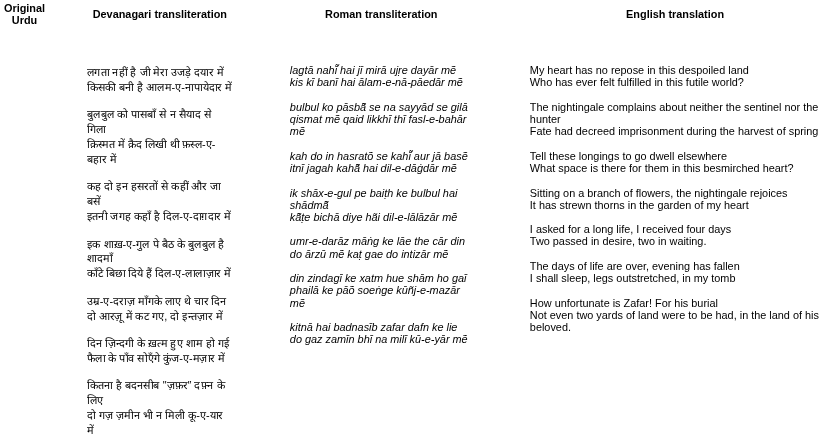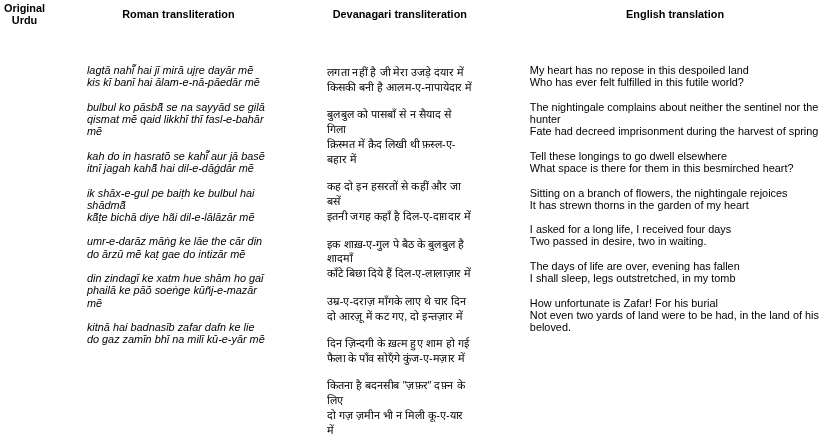 <table>
 <tr>
 <th><strong>Original Urdu</strong></th>
+<th><strong>Roman transliteration</strong></th>
 <th><strong>Devanagari transliteration</strong></th>
-<th><strong>Roman transliteration</strong></th>
 <th><strong>English translation</strong></th>
 </tr>
 <tr style="vertical-align:top">
 <td><br><br><div>  </div></td>
+<td><br><blockquote><span><br><em>lagtā nahī̃ hai jī mirā ujṛe dayār mẽ</em><br> <em>kis kī banī hai ālam-e-nā-pāedār mẽ</em><br> <br> <em>bulbul ko pāsbā̃ se na sayyād se gilā</em><br> <em>qismat mẽ qaid likkhī thī fasl-e-bahār mẽ</em><br> <br> <em>kah do in hasratõ se kahī̃ aur jā basẽ</em><br> <em>itnī jagah kahā̃ hai dil-e-dāġdār mẽ</em><br> <br> <em>ik shāx-e-gul pe baiṭh ke bulbul hai shādmā̃</em><br> <em>kā̃ṭe bichā diye hãi dil-e-lālāzār mẽ</em><br> <br> <em>umr-e-darāz māṅg ke lāe the cār din</em><br> <em>do ārzū mẽ kaṭ gae do intizār mẽ</em><br> <br> <em>din zindagī ke xatm hue shām ho gaī</em><br> <em>phailā ke pāõ soeṅge kūñj-e-mazār mẽ</em><br> <br> <em>kitnā hai badnasīb zafar dafn ke lie</em><br> <em>do gaz zamīn bhī na milī kū-e-yār mẽ</em><br><br></span></blockquote></td>
 <td><br><blockquote><br>लगता नहीं है जी मेरा उजड़े दयार में<br> किसकी बनी है आलम-ए-नापायेदार में<br> <br> बुलबुल को पासबाँ से न सैयाद से गिला<br> क़िस्मत में क़ैद लिखी थी फ़स्ल-ए-बहार में<br> <br> कह दो इन हसरतों से कहीं और जा बसें<br> इतनी जगह कहाँ है दिल-ए-दाग़दार में<br> <br> इक शाख़-ए-गुल पे बैठ के बुलबुल है शादमाँ<br> काँटे बिछा दिये हैं दिल-ए-लालाज़ार में<br> <br> उम्र-ए-दराज़ माँगके लाए थे चार दिन<br> दो आरज़ू में कट गए, दो इन्तज़ार में<br> <br> दिन ज़िन्दगी के ख़त्म हुए शाम हो गई<br> फैला के पाँव सोएँगे कुंज-ए-मज़ार में<br> <br> कितना है बदनसीब "ज़फ़र″ दफ़्न के लिए<br> दो गज़ ज़मीन भी न मिली कू-ए-यार में<br> <br><br></blockquote></td>
-<td><br><blockquote><span><br><em>lagtā nahī̃ hai jī mirā ujṛe dayār mẽ</em><br> <em>kis kī banī hai ālam-e-nā-pāedār mẽ</em><br> <br> <em>bulbul ko pāsbā̃ se na sayyād se gilā</em><br> <em>qismat mẽ qaid likkhī thī fasl-e-bahār mẽ</em><br> <br> <em>kah do in hasratõ se kahī̃ aur jā basẽ</em><br> <em>itnī jagah kahā̃ hai dil-e-dāġdār mẽ</em><br> <br> <em>ik shāx-e-gul pe baiṭh ke bulbul hai shādmā̃</em><br> <em>kā̃ṭe bichā diye hãi dil-e-lālāzār mẽ</em><br> <br> <em>umr-e-darāz māṅg ke lāe the cār din</em><br> <em>do ārzū mẽ kaṭ gae do intizār mẽ</em><br> <br> <em>din zindagī ke xatm hue shām ho gaī</em><br> <em>phailā ke pāõ soeṅge kūñj-e-mazār mẽ</em><br> <br> <em>kitnā hai badnasīb zafar dafn ke lie</em><br> <em>do gaz zamīn bhī na milī kū-e-yār mẽ</em><br><br></span></blockquote></td>
 <td><br><blockquote><span><br>My heart has no repose in this despoiled land<br> Who has ever felt fulfilled in this futile world?<br> <br> The nightingale complains about neither the sentinel nor the hunter<br> Fate had decreed imprisonment during the harvest of spring<br> <br> Tell these longings to go dwell elsewhere<br> What space is there for them in this besmirched heart?<br> <br> Sitting on a branch of flowers, the nightingale rejoices<br> It has strewn thorns in the garden of my heart<br> <br> I asked for a long life, I received four days<br> Two passed in desire, two in waiting.<br> <br> The days of life are over, evening has fallen<br> I shall sleep, legs outstretched, in my tomb<br> <br> How unfortunate is Zafar! For his burial<br> Not even two yards of land were to be had, in the land of his beloved.<br><br><br></span></blockquote></td>
 </tr>
 </table>
